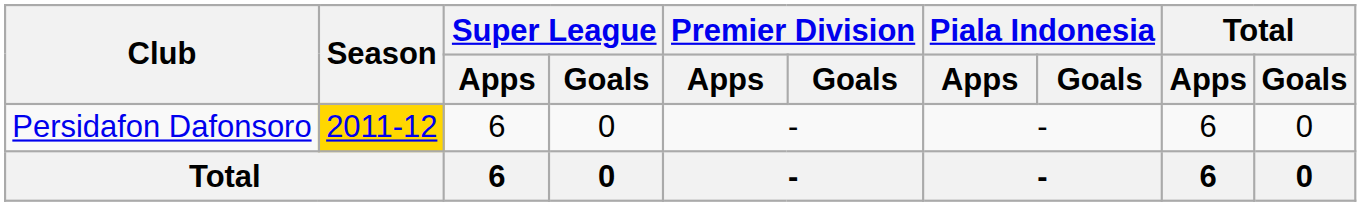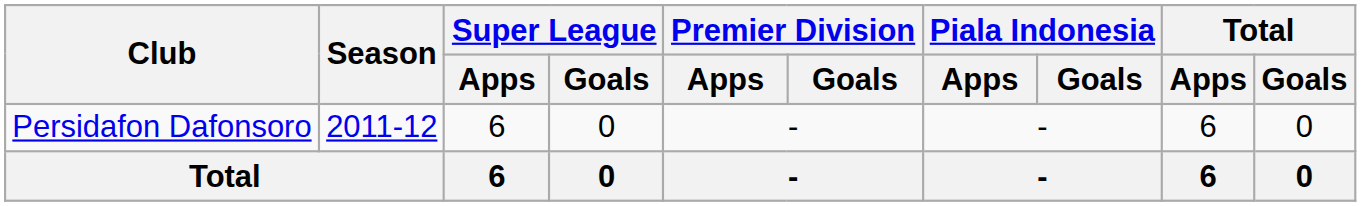 <table class="wikitable" style="font-size:90%; text-align:center;">
 <tr>
 <th rowspan="2">Club</th>
 <th rowspan="2">Season</th>
 <th colspan="2"><a href='#'>Super League</a></th>
 <th colspan="2"><a href='#'>Premier Division</a></th>
 <th colspan="2"><a href='#'>Piala Indonesia</a></th>
 <th colspan="2">Total</th>
 </tr>
 <tr>
 <th>Apps</th>
 <th>Goals</th>
 <th>Apps</th>
 <th>Goals</th>
 <th>Apps</th>
 <th>Goals</th>
 <th>Apps</th>
 <th>Goals</th>
 </tr>
 <tr>
 <td rowspan="1"><a href='#'>Persidafon Dafonsoro</a></td>
-<td style="background: gold;"><a href='#'>2011-12</a></td>
+<td><a href='#'>2011-12</a></td>
 <td>6</td>
 <td>0</td>
 <td colspan="2">-</td>
 <td colspan="2">-</td>
 <td>6</td>
 <td>0</td>
 </tr>
 <tr>
 <th colspan="2">Total</th>
 <th>6</th>
 <th>0</th>
 <th colspan="2">-</th>
 <th colspan="2">-</th>
 <th>6</th>
 <th>0</th>
 </tr>
 </table>
